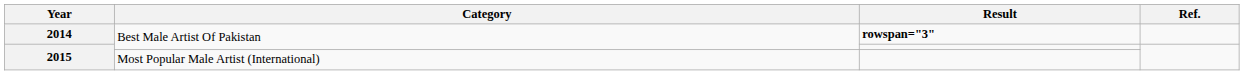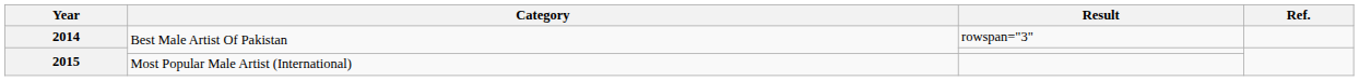 <table class="wikitable plainrowheaders" width="100%" "textcolor:#000;">
 <tr>
 <th>Year</th>
 <th>Category</th>
 <th>Result</th>
 <th>Ref.</th>
 </tr>
 <tr>
 <th>2014</th>
 <td rowspan="2">Best Male Artist Of Pakistan</td>
-<td><strong>rowspan="3" </strong></td>
+<td>rowspan="3" </td>
 <td></td>
 </tr>
 <tr>
 <th rowspan="2">2015</th>
 <td></td>
 </tr>
 <tr>
 <td>Most Popular Male Artist (International)</td>
 <td></td>
 </tr>
 </table>
